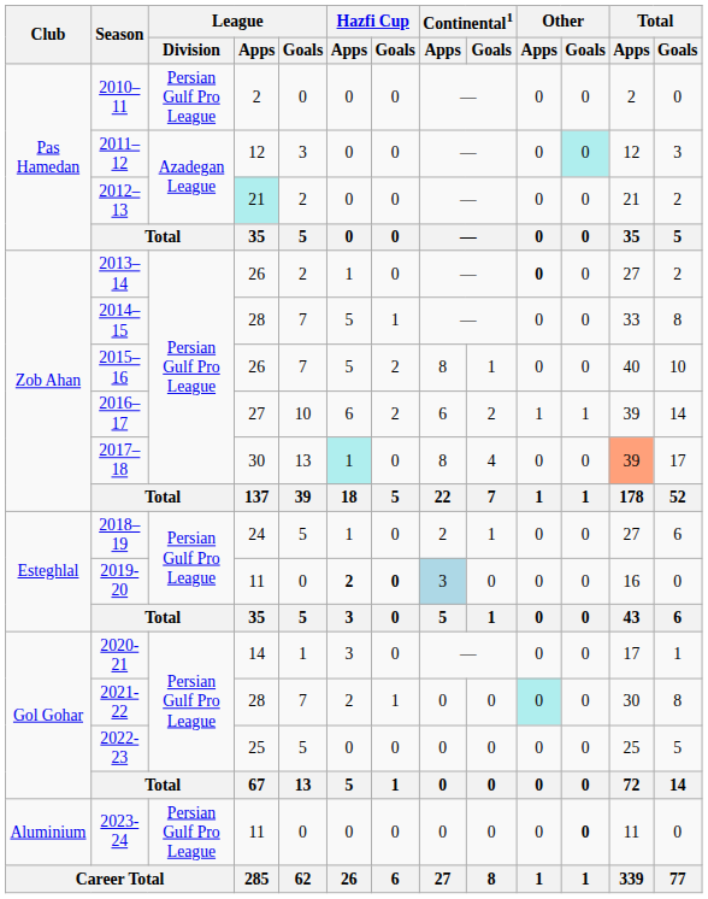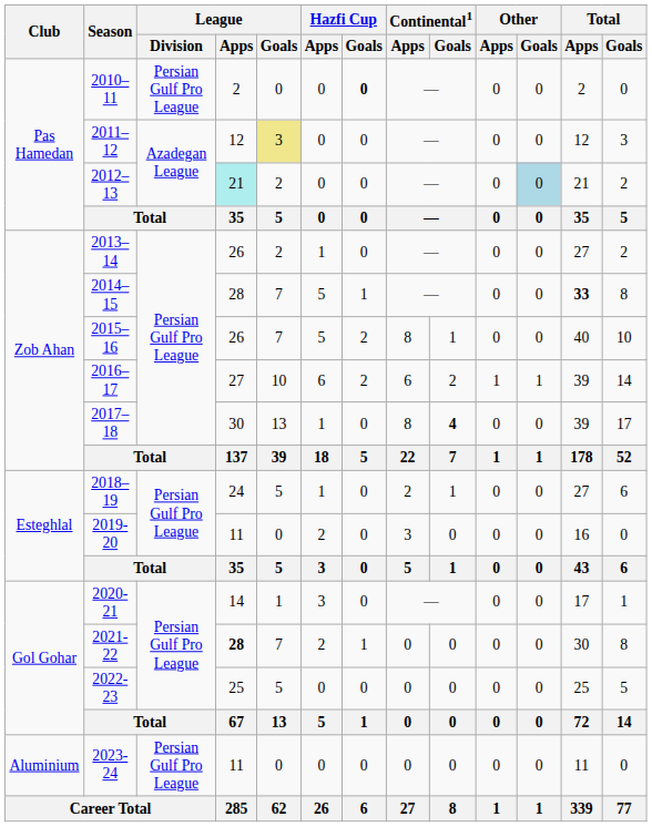 <table class="wikitable" style="font-size:90%; text-align:center;">
 <tr>
 <th rowspan="2">Club</th>
 <th rowspan="2">Season</th>
 <th colspan="3">League</th>
 <th colspan="2"><a href='#'>Hazfi Cup</a></th>
 <th colspan="2">Continental<sup>1</sup></th>
 <th colspan=2>Other</th>
 <th colspan="2">Total</th>
 </tr>
 <tr>
 <th>Division</th>
 <th>Apps</th>
 <th>Goals</th>
 <th>Apps</th>
 <th>Goals</th>
 <th>Apps</th>
 <th>Goals</th>
 <th>Apps</th>
 <th>Goals</th>
 <th>Apps</th>
 <th>Goals</th>
 </tr>
 <tr>
 <td rowspan="4"><a href='#'>Pas Hamedan</a></td>
 <td><a href='#'>2010–11</a></td>
 <td><a href='#'>Persian Gulf Pro League</a></td>
 <td>2</td>
 <td>0</td>
 <td>0</td>
-<td>0</td>
+<td><strong>0</strong></td>
 <td colspan="2">—</td>
 <td>0</td>
 <td>0</td>
 <td>2</td>
 <td>0</td>
 </tr>
 <tr>
 <td><a href='#'>2011–12</a></td>
 <td rowspan="2"><a href='#'>Azadegan League</a></td>
 <td>12</td>
-<td>3</td>
+<td style="background: khaki;">3</td>
 <td>0</td>
 <td>0</td>
 <td colspan="2">—</td>
 <td>0</td>
-<td style="background: paleturquoise;">0</td>
+<td>0</td>
 <td>12</td>
 <td>3</td>
 </tr>
 <tr>
 <td><a href='#'>2012–13</a></td>
 <td style="background: paleturquoise;">21</td>
 <td>2</td>
 <td>0</td>
 <td>0</td>
 <td colspan="2">—</td>
 <td>0</td>
-<td>0</td>
+<td style="background: lightblue;">0</td>
 <td>21</td>
 <td>2</td>
 </tr>
 <tr>
 <th colspan="2">Total</th>
 <th>35</th>
 <th>5</th>
 <th>0</th>
 <th>0</th>
 <th colspan="2">—</th>
 <th>0</th>
 <th>0</th>
 <th>35</th>
 <th>5</th>
 </tr>
 <tr>
 <td rowspan="6"><a href='#'>Zob Ahan</a></td>
 <td><a href='#'>2013–14</a></td>
 <td rowspan="5"><a href='#'>Persian Gulf Pro League</a></td>
 <td>26</td>
 <td>2</td>
 <td>1</td>
 <td>0</td>
 <td colspan="2">—</td>
-<td><strong>0</strong></td>
+<td>0</td>
 <td>0</td>
 <td>27</td>
 <td>2</td>
 </tr>
 <tr>
 <td><a href='#'>2014–15</a></td>
 <td>28</td>
 <td>7</td>
 <td>5</td>
 <td>1</td>
 <td colspan="2">—</td>
 <td>0</td>
 <td>0</td>
-<td>33</td>
+<td><strong>33</strong></td>
 <td>8</td>
 </tr>
 <tr>
 <td><a href='#'>2015–16</a></td>
 <td>26</td>
 <td>7</td>
 <td>5</td>
 <td>2</td>
 <td>8</td>
 <td>1</td>
 <td>0</td>
 <td>0</td>
 <td>40</td>
 <td>10</td>
 </tr>
 <tr>
 <td><a href='#'>2016–17</a></td>
 <td>27</td>
 <td>10</td>
 <td>6</td>
 <td>2</td>
 <td>6</td>
 <td>2</td>
 <td>1</td>
 <td>1</td>
 <td>39</td>
 <td>14</td>
 </tr>
 <tr>
 <td><a href='#'>2017–18</a></td>
 <td>30</td>
 <td>13</td>
-<td style="background: paleturquoise;">1</td>
+<td>1</td>
 <td>0</td>
 <td>8</td>
-<td>4</td>
+<td><strong>4</strong></td>
 <td>0</td>
 <td>0</td>
-<td style="background: lightsalmon;">39</td>
+<td>39</td>
 <td>17</td>
 </tr>
 <tr>
 <th colspan=2>Total</th>
 <th>137</th>
 <th>39</th>
 <th>18</th>
 <th>5</th>
 <th>22</th>
 <th>7</th>
 <th>1</th>
 <th>1</th>
 <th>178</th>
 <th>52</th>
 </tr>
 <tr>
 <td rowspan="3"><a href='#'>Esteghlal</a></td>
 <td><a href='#'>2018–19</a></td>
 <td rowspan="2"><a href='#'>Persian Gulf Pro League</a></td>
 <td>24</td>
 <td>5</td>
 <td>1</td>
 <td>0</td>
 <td>2</td>
 <td>1</td>
 <td>0</td>
 <td>0</td>
 <td>27</td>
 <td>6</td>
 </tr>
 <tr>
 <td><a href='#'>2019-20</a></td>
 <td>11</td>
 <td>0</td>
-<td><strong>2</strong></td>
-<td><strong>0</strong></td>
-<td style="background: lightblue;">3</td>
+<td>2</td>
+<td>0</td>
+<td>3</td>
 <td>0</td>
 <td>0</td>
 <td>0</td>
 <td>16</td>
 <td>0</td>
 </tr>
 <tr>
 <th colspan=2>Total</th>
 <th>35</th>
 <th>5</th>
 <th>3</th>
 <th>0</th>
 <th>5</th>
 <th>1</th>
 <th>0</th>
 <th>0</th>
 <th>43</th>
 <th>6</th>
 </tr>
 <tr>
 <td rowspan="4"><a href='#'>Gol Gohar</a></td>
 <td><a href='#'>2020-21</a></td>
 <td rowspan="3"><a href='#'>Persian Gulf Pro League</a></td>
 <td>14</td>
 <td>1</td>
 <td>3</td>
 <td>0</td>
 <td colspan="2">—</td>
 <td>0</td>
 <td>0</td>
 <td>17</td>
 <td>1</td>
 </tr>
 <tr>
 <td><a href='#'>2021-22</a></td>
-<td>28</td>
+<td><strong>28</strong></td>
 <td>7</td>
 <td>2</td>
 <td>1</td>
 <td>0</td>
 <td>0</td>
-<td style="background: paleturquoise;">0</td>
+<td>0</td>
 <td>0</td>
 <td>30</td>
 <td>8</td>
 </tr>
 <tr>
 <td><a href='#'>2022-23</a></td>
 <td>25</td>
 <td>5</td>
 <td>0</td>
 <td>0</td>
 <td>0</td>
 <td>0</td>
 <td>0</td>
 <td>0</td>
 <td>25</td>
 <td>5</td>
 </tr>
 <tr>
 <th colspan=2>Total</th>
 <th>67</th>
 <th>13</th>
 <th>5</th>
 <th>1</th>
 <th>0</th>
 <th>0</th>
 <th>0</th>
 <th>0</th>
 <th>72</th>
 <th>14</th>
 </tr>
 <tr>
 <td><a href='#'>Aluminium</a></td>
 <td><a href='#'>2023-24</a></td>
 <td><a href='#'>Persian Gulf Pro League</a></td>
 <td>11</td>
 <td>0</td>
 <td>0</td>
 <td>0</td>
 <td>0</td>
 <td>0</td>
 <td>0</td>
-<td><strong>0</strong></td>
+<td>0</td>
 <td>11</td>
 <td>0</td>
 </tr>
 <tr>
 <th colspan=3>Career Total</th>
 <th>285</th>
 <th>62</th>
 <th>26</th>
 <th>6</th>
 <th>27</th>
 <th>8</th>
 <th>1</th>
 <th>1</th>
 <th>339</th>
 <th>77</th>
 </tr>
 </table>
